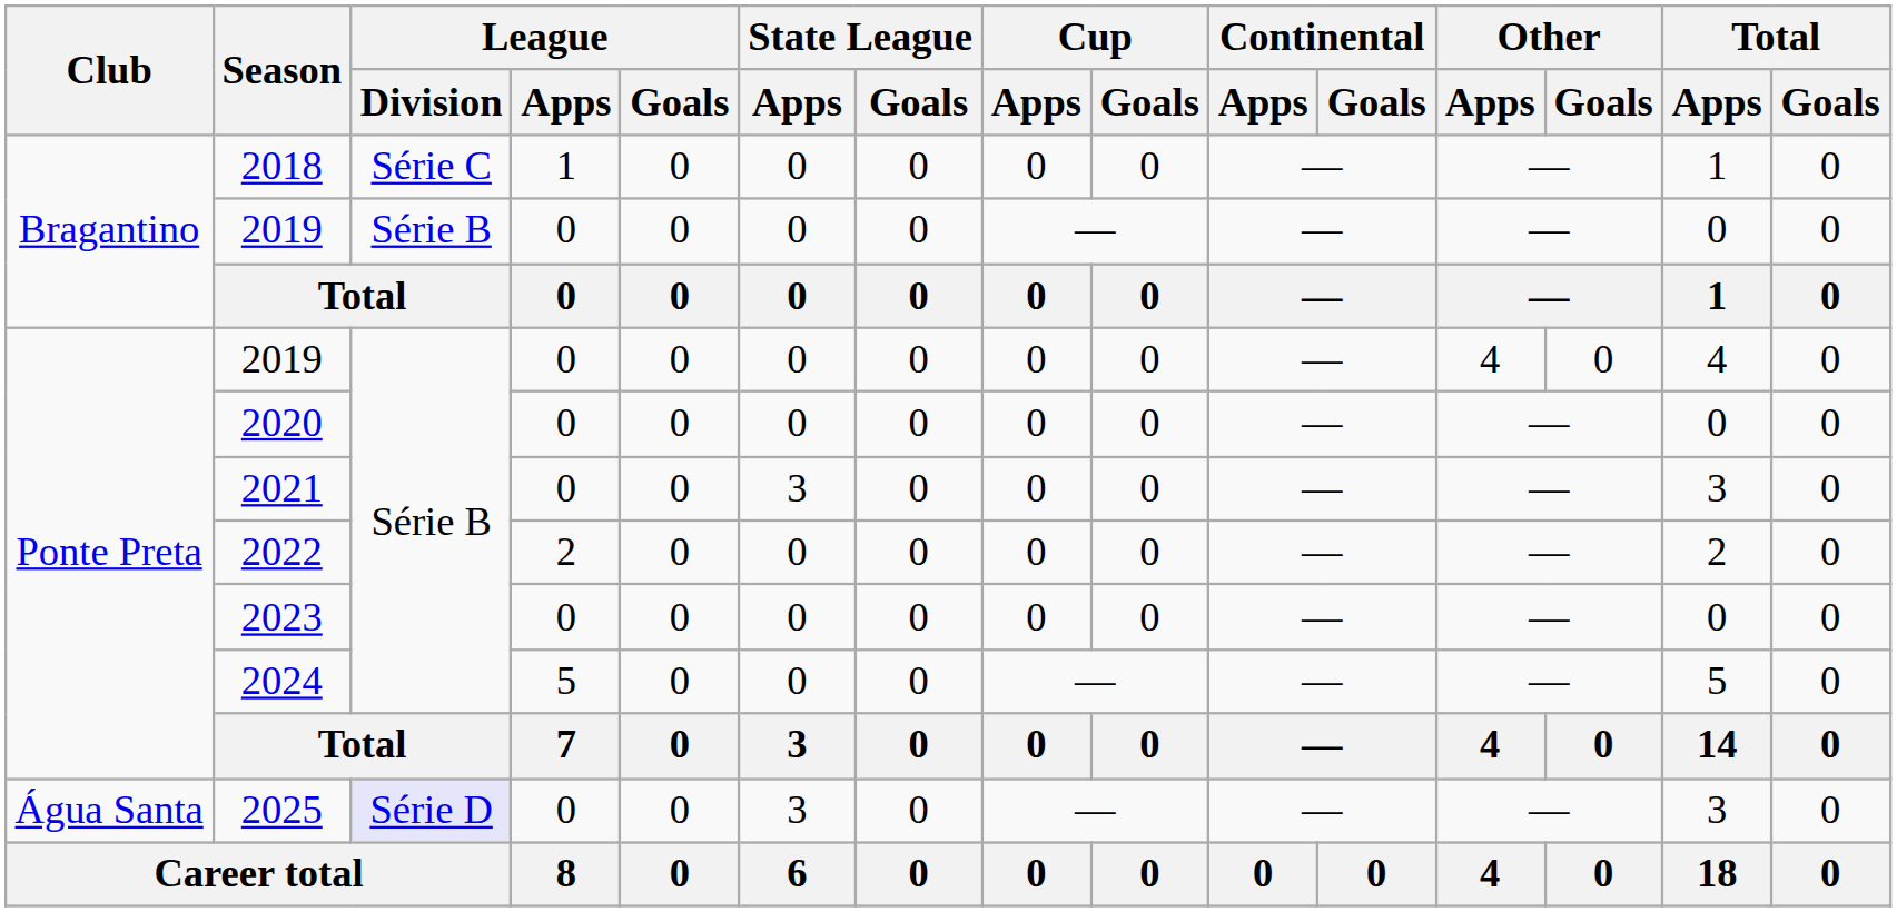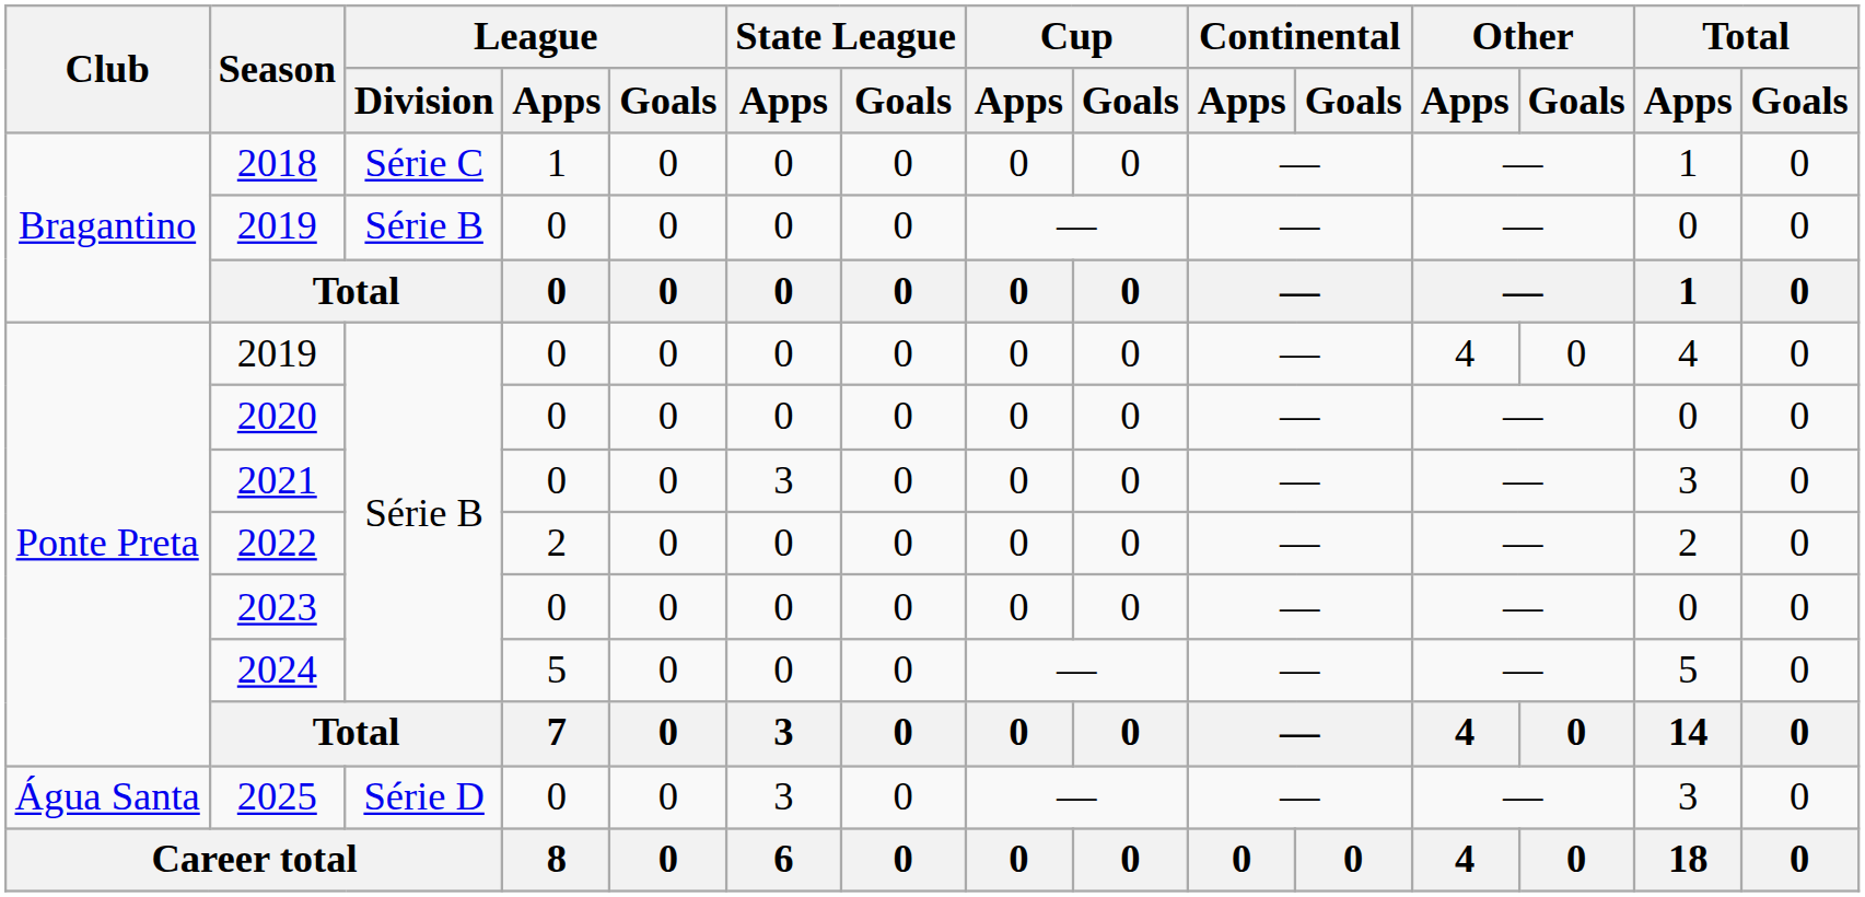 <table class="wikitable" style="text-align: center">
 <tr>
 <th rowspan="2">Club</th>
 <th rowspan="2">Season</th>
 <th colspan="3">League</th>
 <th colspan="2">State League</th>
 <th colspan="2">Cup</th>
 <th colspan="2">Continental</th>
 <th colspan="2">Other</th>
 <th colspan="2">Total</th>
 </tr>
 <tr>
 <th>Division</th>
 <th>Apps</th>
 <th>Goals</th>
 <th>Apps</th>
 <th>Goals</th>
 <th>Apps</th>
 <th>Goals</th>
 <th>Apps</th>
 <th>Goals</th>
 <th>Apps</th>
 <th>Goals</th>
 <th>Apps</th>
 <th>Goals</th>
 </tr>
 <tr>
 <td rowspan="3"><a href='#'>Bragantino</a></td>
 <td><a href='#'>2018</a></td>
 <td><a href='#'>Série C</a></td>
 <td>1</td>
 <td>0</td>
 <td>0</td>
 <td>0</td>
 <td>0</td>
 <td>0</td>
 <td colspan="2">—</td>
 <td colspan="2">—</td>
 <td>1</td>
 <td>0</td>
 </tr>
 <tr>
 <td><a href='#'>2019</a></td>
 <td><a href='#'>Série B</a></td>
 <td>0</td>
 <td>0</td>
 <td>0</td>
 <td>0</td>
 <td colspan="2">—</td>
 <td colspan="2">—</td>
 <td colspan="2">—</td>
 <td>0</td>
 <td>0</td>
 </tr>
 <tr>
 <th colspan="2">Total</th>
 <th>0</th>
 <th>0</th>
 <th>0</th>
 <th>0</th>
 <th>0</th>
 <th>0</th>
 <th colspan="2">—</th>
 <th colspan="2">—</th>
 <th>1</th>
 <th>0</th>
 </tr>
 <tr>
 <td rowspan="7"><a href='#'>Ponte Preta</a></td>
 <td>2019</td>
 <td rowspan="6">Série B</td>
 <td>0</td>
 <td>0</td>
 <td>0</td>
 <td>0</td>
 <td>0</td>
 <td>0</td>
 <td colspan="2">—</td>
 <td>4</td>
 <td>0</td>
 <td>4</td>
 <td>0</td>
 </tr>
 <tr>
 <td><a href='#'>2020</a></td>
 <td>0</td>
 <td>0</td>
 <td>0</td>
 <td>0</td>
 <td>0</td>
 <td>0</td>
 <td colspan="2">—</td>
 <td colspan="2">—</td>
 <td>0</td>
 <td>0</td>
 </tr>
 <tr>
 <td><a href='#'>2021</a></td>
 <td>0</td>
 <td>0</td>
 <td>3</td>
 <td>0</td>
 <td>0</td>
 <td>0</td>
 <td colspan="2">—</td>
 <td colspan="2">—</td>
 <td>3</td>
 <td>0</td>
 </tr>
 <tr>
 <td><a href='#'>2022</a></td>
 <td>2</td>
 <td>0</td>
 <td>0</td>
 <td>0</td>
 <td>0</td>
 <td>0</td>
 <td colspan="2">—</td>
 <td colspan="2">—</td>
 <td>2</td>
 <td>0</td>
 </tr>
 <tr>
 <td><a href='#'>2023</a></td>
 <td>0</td>
 <td>0</td>
 <td>0</td>
 <td>0</td>
 <td>0</td>
 <td>0</td>
 <td colspan="2">—</td>
 <td colspan="2">—</td>
 <td>0</td>
 <td>0</td>
 </tr>
 <tr>
 <td><a href='#'>2024</a></td>
 <td>5</td>
 <td>0</td>
 <td>0</td>
 <td>0</td>
 <td colspan="2">—</td>
 <td colspan="2">—</td>
 <td colspan="2">—</td>
 <td>5</td>
 <td>0</td>
 </tr>
 <tr>
 <th colspan="2">Total</th>
 <th>7</th>
 <th>0</th>
 <th>3</th>
 <th>0</th>
 <th>0</th>
 <th>0</th>
 <th colspan="2">—</th>
 <th>4</th>
 <th>0</th>
 <th>14</th>
 <th>0</th>
 </tr>
 <tr>
 <td><a href='#'>Água Santa</a></td>
 <td><a href='#'>2025</a></td>
-<td style="background: lavender;"><a href='#'>Série D</a></td>
+<td><a href='#'>Série D</a></td>
 <td>0</td>
 <td>0</td>
 <td>3</td>
 <td>0</td>
 <td colspan="2">—</td>
 <td colspan="2">—</td>
 <td colspan="2">—</td>
 <td>3</td>
 <td>0</td>
 </tr>
 <tr>
 <th colspan="3"><strong>Career total</strong></th>
 <th>8</th>
 <th>0</th>
 <th>6</th>
 <th>0</th>
 <th>0</th>
 <th>0</th>
 <th>0</th>
 <th>0</th>
 <th>4</th>
 <th>0</th>
 <th>18</th>
 <th>0</th>
 </tr>
 </table>
